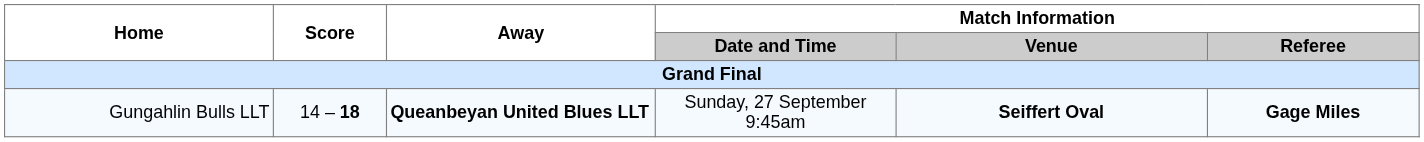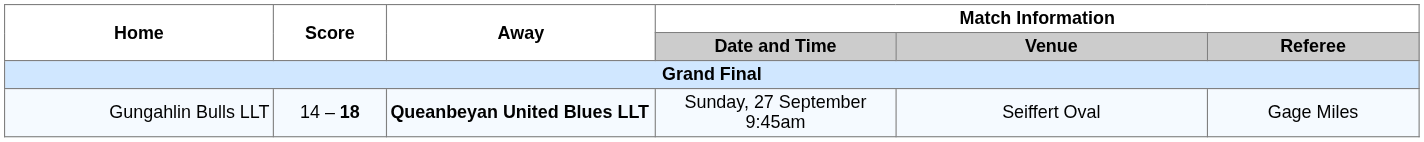 <table width="100%" cellspacing="0" cellpadding="3" border="1" style="border-collapse:collapse;  text-align:center;">
 <tr>
 <th rowspan="2" width="19%">Home</th>
 <th rowspan="2" width="8%">Score</th>
 <th rowspan="2" width="19%">Away</th>
 <th colspan="3">Match Information</th>
 </tr>
 <tr bgcolor="#CCCCCC">
 <th width="17%">Date and Time</th>
 <th width="22%">Venue</th>
 <th width="50%">Referee</th>
 </tr>
 <tr style="background:#d0e7ff;">
 <td colspan="6"><strong>Grand Final</strong></td>
 </tr>
 <tr style="text-align:center; background:#f5faff;">
 <td align="right">Gungahlin Bulls LLT </td>
 <td>14 – <strong>18</strong></td>
 <td align="left"><strong> Queanbeyan United Blues LLT</strong></td>
 <td>Sunday, 27 September 9:45am</td>
-<td><strong>Seiffert Oval</strong></td>
-<td><strong>Gage Miles</strong></td>
+<td>Seiffert Oval</td>
+<td>Gage Miles</td>
 </tr>
 </table>
